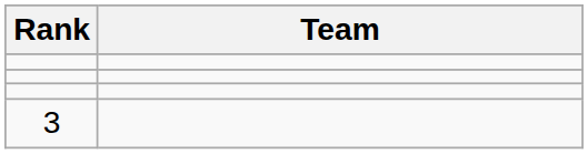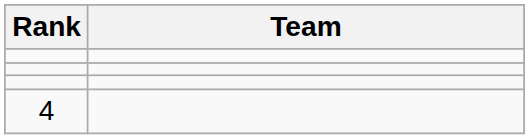 <table class="wikitable" style="text-align: center;">
 <tr>
 <th width=40>Rank</th>
 <th width=240>Team</th>
 </tr>
 <tr>
 <td></td>
 <td align="left"></td>
 </tr>
 <tr>
 <td></td>
 <td align="left"></td>
 </tr>
 <tr>
 <td></td>
 <td align="left"></td>
 </tr>
 <tr>
-<td>3</td>
+<td>4</td>
 <td align="left"></td>
 </tr>
 </table>
